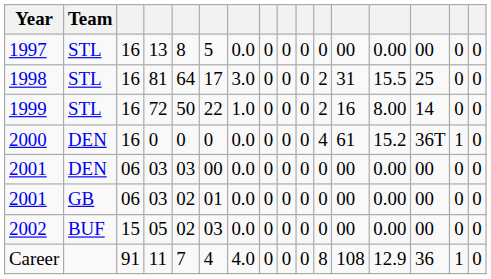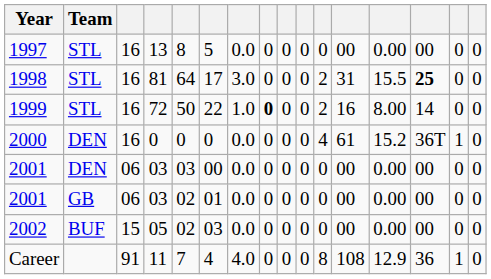 <table class="wikitable sortable">
 <tr>
 <th>Year</th>
 <th>Team</th>
 <th></th>
 <th></th>
 <th></th>
 <th></th>
 <th></th>
 <th></th>
 <th></th>
 <th></th>
 <th></th>
 <th></th>
 <th></th>
 <th></th>
 <th></th>
 <th></th>
 </tr>
 <tr>
 <td><a href='#'>1997</a></td>
 <td><a href='#'>STL</a></td>
 <td>16</td>
 <td>13</td>
 <td>8</td>
 <td>5</td>
 <td>0.0</td>
 <td>0</td>
 <td>0</td>
 <td>0</td>
 <td>0</td>
 <td>00</td>
 <td>0.00</td>
 <td>00</td>
 <td>0</td>
 <td>0</td>
 </tr>
 <tr>
 <td><a href='#'>1998</a></td>
 <td><a href='#'>STL</a></td>
 <td>16</td>
 <td>81</td>
 <td>64</td>
 <td>17</td>
 <td>3.0</td>
 <td>0</td>
 <td>0</td>
 <td>0</td>
 <td>2</td>
 <td>31</td>
 <td>15.5</td>
-<td>25</td>
+<td><strong>25</strong></td>
 <td>0</td>
 <td>0</td>
 </tr>
 <tr>
 <td><a href='#'>1999</a></td>
 <td><a href='#'>STL</a></td>
 <td>16</td>
 <td>72</td>
 <td>50</td>
 <td>22</td>
 <td>1.0</td>
-<td>0</td>
+<td><strong>0</strong></td>
 <td>0</td>
 <td>0</td>
 <td>2</td>
 <td>16</td>
 <td>8.00</td>
 <td>14</td>
 <td>0</td>
 <td>0</td>
 </tr>
 <tr>
 <td><a href='#'>2000</a></td>
 <td><a href='#'>DEN</a></td>
 <td>16</td>
 <td>0</td>
 <td>0</td>
 <td>0</td>
 <td>0.0</td>
 <td>0</td>
 <td>0</td>
 <td>0</td>
 <td>4</td>
 <td>61</td>
 <td>15.2</td>
 <td>36T</td>
 <td>1</td>
 <td>0</td>
 </tr>
 <tr>
 <td><a href='#'>2001</a></td>
 <td><a href='#'>DEN</a></td>
 <td>06</td>
 <td>03</td>
 <td>03</td>
 <td>00</td>
 <td>0.0</td>
 <td>0</td>
 <td>0</td>
 <td>0</td>
 <td>0</td>
 <td>00</td>
 <td>0.00</td>
 <td>00</td>
 <td>0</td>
 <td>0</td>
 </tr>
 <tr>
 <td><a href='#'>2001</a></td>
 <td><a href='#'>GB</a></td>
 <td>06</td>
 <td>03</td>
 <td>02</td>
 <td>01</td>
 <td>0.0</td>
 <td>0</td>
 <td>0</td>
 <td>0</td>
 <td>0</td>
 <td>00</td>
 <td>0.00</td>
 <td>00</td>
 <td>0</td>
 <td>0</td>
 </tr>
 <tr>
 <td><a href='#'>2002</a></td>
 <td><a href='#'>BUF</a></td>
 <td>15</td>
 <td>05</td>
 <td>02</td>
 <td>03</td>
 <td>0.0</td>
 <td>0</td>
 <td>0</td>
 <td>0</td>
 <td>0</td>
 <td>00</td>
 <td>0.00</td>
 <td>00</td>
 <td>0</td>
 <td>0</td>
 </tr>
 <tr class="sortbottom">
 <td>Career</td>
 <td></td>
 <td>91</td>
 <td>11</td>
 <td>7</td>
 <td>4</td>
 <td>4.0</td>
 <td>0</td>
 <td>0</td>
 <td>0</td>
 <td>8</td>
 <td>108</td>
 <td>12.9</td>
 <td>36</td>
 <td>1</td>
 <td>0</td>
 </tr>
 </table>
